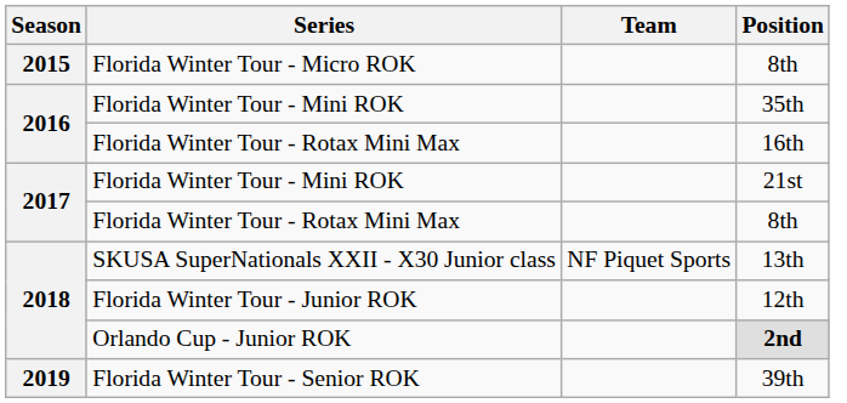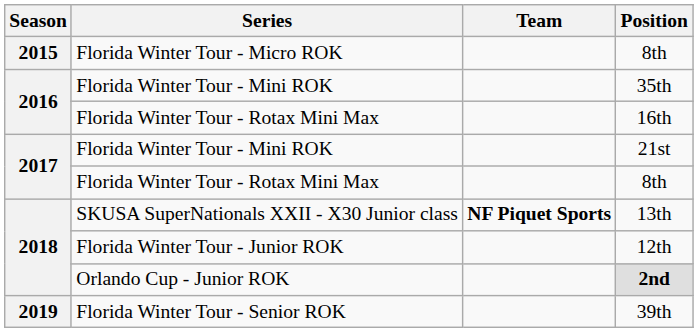 <table class="wikitable" style="font-size: 85%; text-align:center">
 <tr>
 <th>Season</th>
 <th>Series</th>
 <th>Team</th>
 <th>Position</th>
 </tr>
 <tr>
 <th>2015</th>
 <td align="left">Florida Winter Tour - Micro ROK</td>
 <td align="left"></td>
 <td>8th</td>
 </tr>
 <tr>
 <th rowspan="2">2016</th>
 <td align="left">Florida Winter Tour - Mini ROK</td>
 <td align="left"></td>
 <td>35th</td>
 </tr>
 <tr>
 <td align="left">Florida Winter Tour - Rotax Mini Max</td>
 <td align="left"></td>
 <td>16th</td>
 </tr>
 <tr>
 <th rowspan="2">2017</th>
 <td align="left">Florida Winter Tour - Mini ROK</td>
 <td align="left"></td>
 <td>21st</td>
 </tr>
 <tr>
 <td align="left">Florida Winter Tour - Rotax Mini Max</td>
 <td align="left"></td>
 <td>8th</td>
 </tr>
 <tr>
 <th rowspan="3">2018</th>
 <td align="left">SKUSA SuperNationals XXII - X30 Junior class</td>
-<td align="left">NF Piquet Sports</td>
+<td align="left"><strong>NF Piquet Sports</strong></td>
 <td>13th</td>
 </tr>
 <tr>
 <td align="left">Florida Winter Tour - Junior ROK</td>
 <td align="left"></td>
 <td>12th</td>
 </tr>
 <tr>
 <td align="left">Orlando Cup - Junior ROK</td>
 <td align="left"></td>
 <td style="background:#DFDFDF"><strong>2nd</strong></td>
 </tr>
 <tr>
 <th>2019</th>
 <td align="left">Florida Winter Tour - Senior ROK</td>
 <td align="left"></td>
 <td>39th</td>
 </tr>
 </table>
